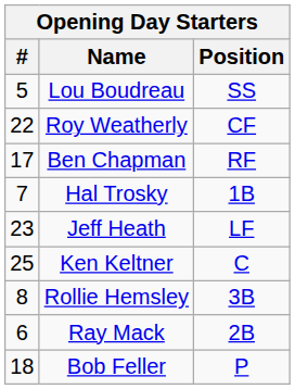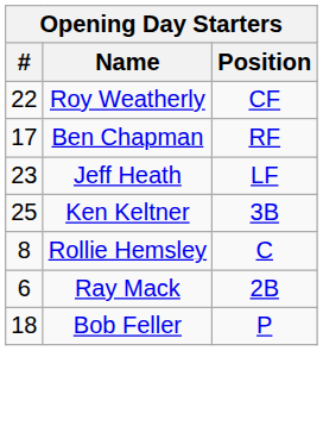 <table class="wikitable" style="text-align:center">
 <tr>
 <th colspan="3">Opening Day Starters</th>
 </tr>
 <tr>
 <th>#</th>
 <th>Name</th>
 <th>Position</th>
-</tr>
-<tr>
-<td>5</td>
-<td><a href='#'>Lou Boudreau</a></td>
-<td><a href='#'>SS</a></td>
 </tr>
 <tr>
 <td>22</td>
 <td><a href='#'>Roy Weatherly</a></td>
 <td><a href='#'>CF</a></td>
 </tr>
 <tr>
 <td>17</td>
 <td><a href='#'>Ben Chapman</a></td>
 <td><a href='#'>RF</a></td>
 </tr>
 <tr>
-<td>7</td>
-<td><a href='#'>Hal Trosky</a></td>
-<td><a href='#'>1B</a></td>
-</tr>
-<tr>
 <td>23</td>
 <td><a href='#'>Jeff Heath</a></td>
 <td><a href='#'>LF</a></td>
 </tr>
 <tr>
 <td>25</td>
 <td><a href='#'>Ken Keltner</a></td>
-<td><a href='#'>C</a></td>
+<td><a href='#'>3B</a></td>
 </tr>
 <tr>
 <td>8</td>
 <td><a href='#'>Rollie Hemsley</a></td>
-<td><a href='#'>3B</a></td>
+<td><a href='#'>C</a></td>
 </tr>
 <tr>
 <td>6</td>
 <td><a href='#'>Ray Mack</a></td>
 <td><a href='#'>2B</a></td>
 </tr>
 <tr>
 <td>18</td>
 <td><a href='#'>Bob Feller</a></td>
 <td><a href='#'>P</a></td>
 </tr>
 </table>
